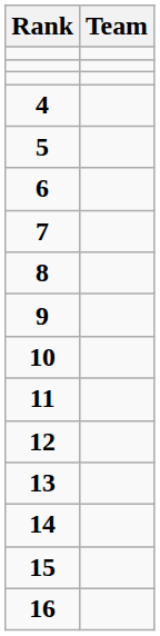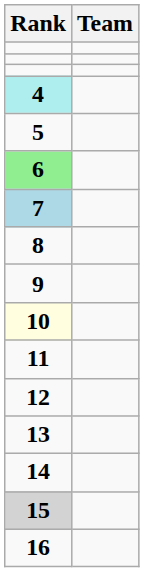 <table class="wikitable" style="text-align: center;">
 <tr>
 <th>Rank</th>
 <th>Team</th>
 </tr>
 <tr>
 <td></td>
 <td align="left"></td>
 </tr>
 <tr>
 <td></td>
 <td align="left"></td>
 </tr>
 <tr>
 <td></td>
 <td align="left"></td>
 </tr>
 <tr>
-<td><strong>4</strong></td>
+<td style="background: paleturquoise;"><strong>4</strong></td>
 <td align="left"></td>
 </tr>
 <tr>
 <td><strong>5</strong></td>
 <td align="left"></td>
 </tr>
 <tr>
-<td><strong>6</strong></td>
+<td style="background: lightgreen;"><strong>6</strong></td>
 <td align="left"></td>
 </tr>
 <tr>
-<td><strong>7</strong></td>
+<td style="background: lightblue;"><strong>7</strong></td>
 <td align="left"></td>
 </tr>
 <tr>
 <td><strong>8</strong></td>
 <td align="left"></td>
 </tr>
 <tr>
 <td><strong>9</strong></td>
 <td align="left"></td>
 </tr>
 <tr>
-<td><strong>10</strong></td>
+<td style="background: lightyellow;"><strong>10</strong></td>
 <td align="left"></td>
 </tr>
 <tr>
 <td><strong>11</strong></td>
 <td align="left"></td>
 </tr>
 <tr>
 <td><strong>12</strong></td>
 <td align="left"></td>
 </tr>
 <tr>
 <td><strong>13</strong></td>
 <td align="left"></td>
 </tr>
 <tr>
 <td><strong>14</strong></td>
 <td align="left"></td>
 </tr>
 <tr>
-<td><strong>15</strong></td>
+<td style="background: lightgrey;"><strong>15</strong></td>
 <td align="left"></td>
 </tr>
 <tr>
 <td><strong>16</strong></td>
 <td align="left"></td>
 </tr>
 </table>
